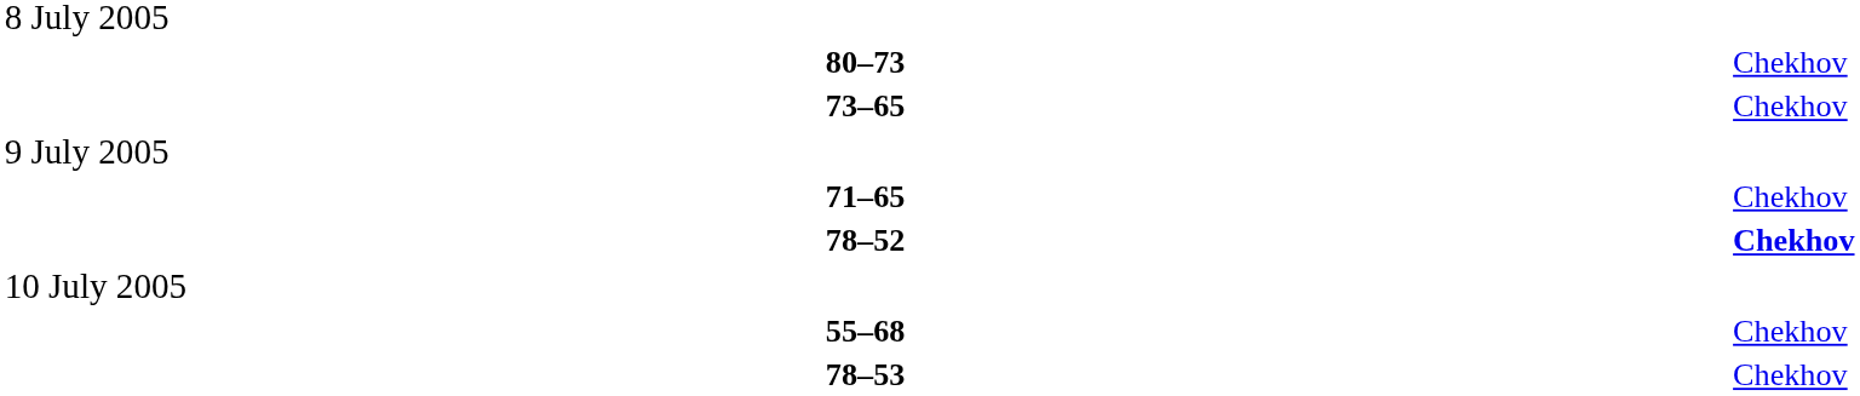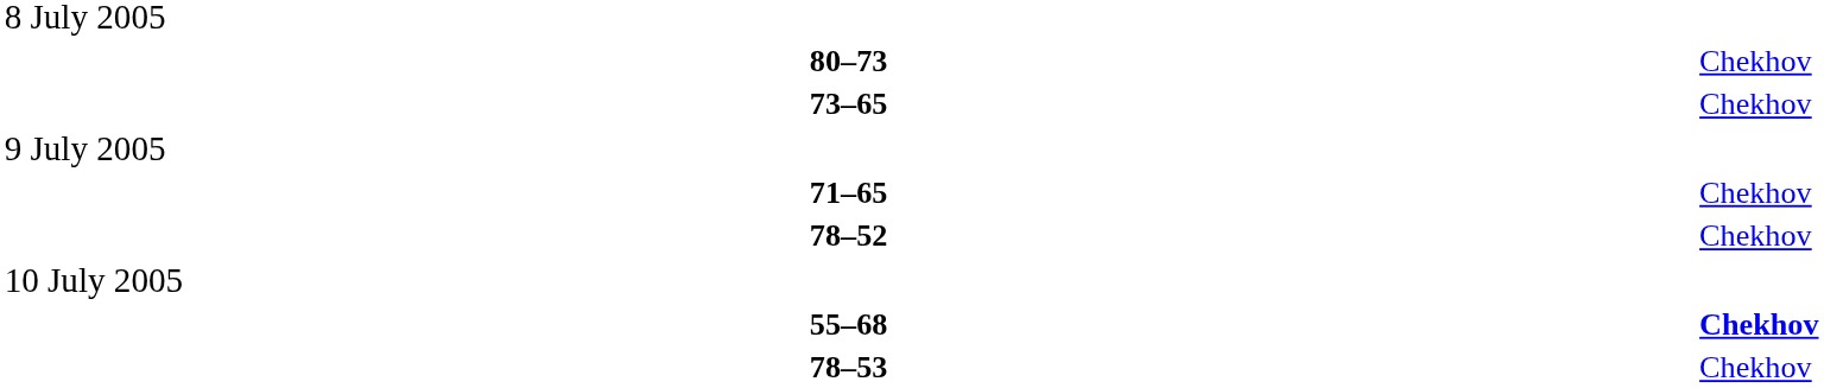 <table style="width:100%;" cellspacing="1">
 <tr>
 <th width=25%></th>
 <th width=3%></th>
 <th width=6%></th>
 <th width=3%></th>
 <th width=25%></th>
 </tr>
 <tr>
 <td>8 July 2005</td>
 </tr>
 <tr style=font-size:90%>
 <td align=right><strong></strong></td>
 <td></td>
 <td align=center><strong>80–73</strong></td>
 <td></td>
 <td><strong></strong></td>
 <td><a href='#'>Chekhov</a></td>
 </tr>
 <tr style=font-size:90%>
 <td align=right><strong></strong></td>
 <td></td>
 <td align=center><strong>73–65</strong></td>
 <td></td>
 <td><strong></strong></td>
 <td><a href='#'>Chekhov</a></td>
 </tr>
 <tr>
 <td>9 July 2005</td>
 </tr>
 <tr style=font-size:90%>
 <td align=right><strong></strong></td>
 <td></td>
 <td align=center><strong>71–65</strong></td>
 <td></td>
 <td><strong></strong></td>
 <td><a href='#'>Chekhov</a></td>
 </tr>
 <tr style=font-size:90%>
 <td align=right><strong></strong></td>
 <td></td>
 <td align=center><strong>78–52</strong></td>
 <td></td>
 <td><strong></strong></td>
-<td><strong><a href='#'>Chekhov</a></strong></td>
+<td><a href='#'>Chekhov</a></td>
 </tr>
 <tr>
 <td>10 July 2005</td>
 </tr>
 <tr style=font-size:90%>
 <td align=right><strong></strong></td>
 <td></td>
 <td align=center><strong>55–68</strong></td>
 <td></td>
 <td><strong></strong></td>
-<td><a href='#'>Chekhov</a></td>
+<td><strong><a href='#'>Chekhov</a></strong></td>
 </tr>
 <tr style=font-size:90%>
 <td align=right><strong></strong></td>
 <td></td>
 <td align=center><strong>78–53</strong></td>
 <td></td>
 <td><strong></strong></td>
 <td><a href='#'>Chekhov</a></td>
 </tr>
 </table>
